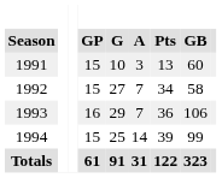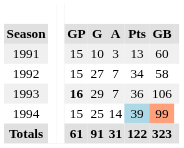 <table BORDER="0" CELLPADDING="3" CELLSPACING="0">
 <tr style="text-align: center; background: #e0e0e0">
 <th colspan="1" style="background: #ffffff"> </th>
 <th rowspan="99" style="background: #ffffff"> </th>
 <th rowspan="99" style="background: #ffffff"> </th>
 </tr>
 <tr style="text-align: center; background: #e0e0e0">
 <th>Season</th>
 <th>GP</th>
 <th>G</th>
 <th>A</th>
 <th>Pts</th>
 <th>GB</th>
 <th></th>
 </tr>
 <tr style="text-align: center; background: #f0f0f0">
 <td>1991</td>
 <td>15</td>
 <td>10</td>
 <td>3</td>
 <td>13</td>
 <td>60</td>
 <td></td>
 </tr>
 <tr ALIGN="center">
 <td>1992</td>
 <td>15</td>
 <td>27</td>
 <td>7</td>
 <td>34</td>
 <td>58</td>
 <td></td>
 </tr>
 <tr style="text-align: center; background: #f0f0f0">
 <td>1993</td>
-<td>16</td>
+<td><strong>16</strong></td>
 <td>29</td>
 <td>7</td>
 <td>36</td>
 <td>106</td>
 <td></td>
 </tr>
 <tr ALIGN="center">
 <td>1994</td>
 <td>15</td>
 <td>25</td>
 <td>14</td>
-<td>39</td>
-<td>99</td>
+<td style="background: lightblue;">39</td>
+<td style="background: lightsalmon;">99</td>
 <td></td>
 </tr>
 <tr style="text-align: center; background: #e0e0e0">
 <th colspan="1.5">Totals</th>
 <th>61</th>
 <th>91</th>
 <th>31</th>
 <th>122</th>
 <th>323</th>
 <th></th>
 </tr>
 </table>
